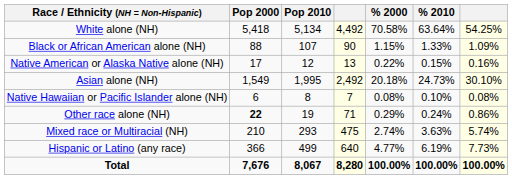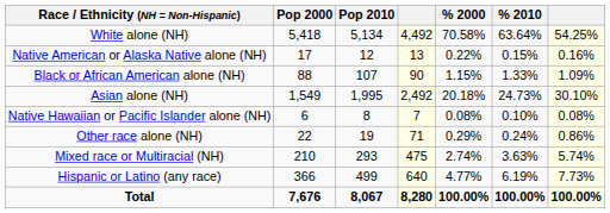 <table class="wikitable" style="text-align:center;">
 <tr>
 <th>Race / Ethnicity <small>(<em>NH = Non-Hispanic</em>)</small></th>
 <th>Pop 2000</th>
 <th>Pop 2010</th>
 <th></th>
 <th>% 2000</th>
 <th>% 2010</th>
 <th></th>
 </tr>
 <tr>
 <td><a href='#'>White</a> alone (NH)</td>
 <td>5,418</td>
 <td>5,134</td>
 <td style='background: #ffffe6;'>4,492</td>
 <td>70.58%</td>
 <td>63.64%</td>
 <td style='background: #ffffe6;'>54.25%</td>
 </tr>
 <tr>
+<td><a href='#'>Native American</a> or <a href='#'>Alaska Native</a> alone (NH)</td>
+<td>17</td>
+<td>12</td>
+<td style='background: #ffffe6;'>13</td>
+<td>0.22%</td>
+<td>0.15%</td>
+<td style='background: #ffffe6;'>0.16%</td>
+</tr>
+<tr>
 <td><a href='#'>Black or African American</a> alone (NH)</td>
 <td>88</td>
 <td>107</td>
 <td style='background: #ffffe6;'>90</td>
 <td>1.15%</td>
 <td>1.33%</td>
 <td style='background: #ffffe6;'>1.09%</td>
-</tr>
-<tr>
-<td><a href='#'>Native American</a> or <a href='#'>Alaska Native</a> alone (NH)</td>
-<td>17</td>
-<td>12</td>
-<td style='background: #ffffe6;'>13</td>
-<td>0.22%</td>
-<td>0.15%</td>
-<td style='background: #ffffe6;'>0.16%</td>
 </tr>
 <tr>
 <td><a href='#'>Asian</a> alone (NH)</td>
 <td>1,549</td>
 <td>1,995</td>
 <td style='background: #ffffe6;'>2,492</td>
 <td>20.18%</td>
 <td>24.73%</td>
 <td style='background: #ffffe6;'>30.10%</td>
 </tr>
 <tr>
 <td><a href='#'>Native Hawaiian</a> or <a href='#'>Pacific Islander</a> alone (NH)</td>
 <td>6</td>
 <td>8</td>
 <td style='background: #ffffe6;'>7</td>
 <td>0.08%</td>
 <td>0.10%</td>
 <td style='background: #ffffe6;'>0.08%</td>
 </tr>
 <tr>
 <td><a href='#'>Other race</a> alone (NH)</td>
-<td><strong>22</strong></td>
+<td>22</td>
 <td>19</td>
 <td style='background: #ffffe6;'>71</td>
 <td>0.29%</td>
 <td>0.24%</td>
 <td style='background: #ffffe6;'>0.86%</td>
 </tr>
 <tr>
 <td><a href='#'>Mixed race or Multiracial</a> (NH)</td>
 <td>210</td>
 <td>293</td>
 <td style='background: #ffffe6;'>475</td>
 <td>2.74%</td>
 <td>3.63%</td>
 <td style='background: #ffffe6;'>5.74%</td>
 </tr>
 <tr>
 <td><a href='#'>Hispanic or Latino</a> (any race)</td>
 <td>366</td>
 <td>499</td>
 <td style='background: #ffffe6;'>640</td>
 <td>4.77%</td>
 <td>6.19%</td>
 <td style='background: #ffffe6;'>7.73%</td>
 </tr>
 <tr>
 <td><strong>Total</strong></td>
 <td><strong>7,676</strong></td>
 <td><strong>8,067</strong></td>
 <td style='background: #ffffe6;'><strong>8,280</strong></td>
 <td><strong>100.00%</strong></td>
 <td><strong>100.00%</strong></td>
 <td style='background: #ffffe6;'><strong>100.00%</strong></td>
 </tr>
 </table>
